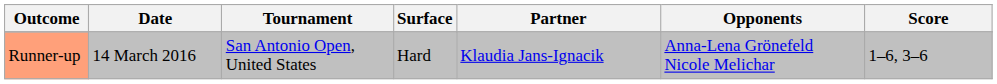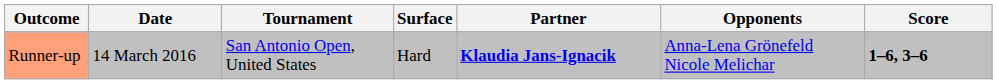 <table class="wikitable" style="font-size:97%;">
 <tr>
 <th style="width:70px">Outcome</th>
 <th style="width:115px">Date</th>
 <th style="width:150px">Tournament</th>
 <th style="width:50px">Surface</th>
 <th style="width:180px">Partner</th>
 <th style="width:180px">Opponents</th>
 <th style="width:110px" class="unsortable">Score</th>
 </tr>
 <tr>
 </tr>
 <tr style="background:silver;">
 <td style="background:#ffa07a;">Runner-up</td>
 <td>14 March 2016</td>
 <td><a href='#'>San Antonio Open</a>, <br>United States</td>
 <td>Hard</td>
-<td> <a href='#'>Klaudia Jans-Ignacik</a></td>
+<td><strong> <a href='#'>Klaudia Jans-Ignacik</a></strong></td>
 <td> <a href='#'>Anna-Lena Grönefeld</a> <br>  <a href='#'>Nicole Melichar</a></td>
-<td>1–6, 3–6</td>
+<td><strong>1–6, 3–6</strong></td>
 </tr>
 </table>
